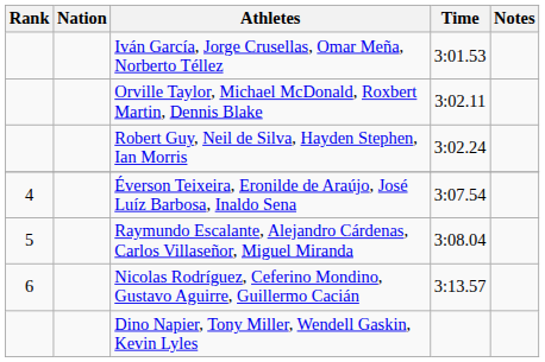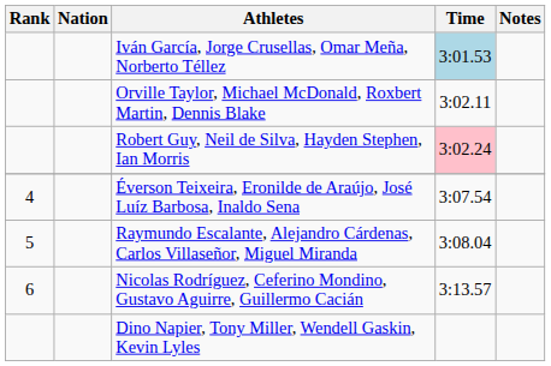 <table class="wikitable sortable" width=80% style="text-align:center;">
 <tr>
 <th>Rank</th>
 <th>Nation</th>
 <th>Athletes</th>
 <th>Time</th>
 <th>Notes</th>
 </tr>
 <tr>
 <td></td>
 <td align=left></td>
 <td align=left><a href='#'>Iván García</a>, <a href='#'>Jorge Crusellas</a>, <a href='#'>Omar Meña</a>, <a href='#'>Norberto Téllez</a></td>
-<td>3:01.53</td>
+<td style="background: lightblue;">3:01.53</td>
 <td></td>
 </tr>
 <tr>
 <td></td>
 <td align=left></td>
 <td align=left><a href='#'>Orville Taylor</a>, <a href='#'>Michael McDonald</a>, <a href='#'>Roxbert Martin</a>, <a href='#'>Dennis Blake</a></td>
 <td>3:02.11</td>
 <td></td>
 </tr>
 <tr>
 <td></td>
 <td align=left></td>
 <td align=left><a href='#'>Robert Guy</a>, <a href='#'>Neil de Silva</a>, <a href='#'>Hayden Stephen</a>, <a href='#'>Ian Morris</a></td>
-<td>3:02.24</td>
+<td style="background: pink;">3:02.24</td>
 <td></td>
 </tr>
 <tr>
 </tr>
 <tr>
 <td>4</td>
 <td align=left></td>
 <td align=left><a href='#'>Éverson Teixeira</a>, <a href='#'>Eronilde de Araújo</a>, <a href='#'>José Luíz Barbosa</a>, <a href='#'>Inaldo Sena</a></td>
 <td>3:07.54</td>
 <td></td>
 </tr>
 <tr>
 <td>5</td>
 <td align=left></td>
 <td align=left><a href='#'>Raymundo Escalante</a>, <a href='#'>Alejandro Cárdenas</a>, <a href='#'>Carlos Villaseñor</a>, <a href='#'>Miguel Miranda</a></td>
 <td>3:08.04</td>
 <td></td>
 </tr>
 <tr>
 <td>6</td>
 <td align=left></td>
 <td align=left><a href='#'>Nicolas Rodríguez</a>, <a href='#'>Ceferino Mondino</a>, <a href='#'>Gustavo Aguirre</a>, <a href='#'>Guillermo Cacián</a></td>
 <td>3:13.57</td>
 <td></td>
 </tr>
 <tr>
 <td></td>
 <td align=left></td>
 <td align=left><a href='#'>Dino Napier</a>, <a href='#'>Tony Miller</a>, <a href='#'>Wendell Gaskin</a>, <a href='#'>Kevin Lyles</a></td>
 <td></td>
 <td></td>
 </tr>
 </table>
